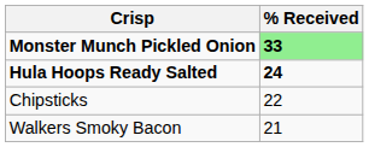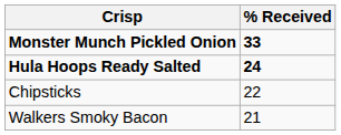 <table class="wikitable">
 <tr>
 <th>Crisp</th>
 <th>% Received</th>
 </tr>
 <tr>
 <td><strong>Monster Munch Pickled Onion</strong></td>
-<td style="background: lightgreen;"><strong>33</strong></td>
+<td><strong>33</strong></td>
 </tr>
 <tr>
 <td><strong>Hula Hoops Ready Salted</strong></td>
 <td><strong>24</strong></td>
 </tr>
 <tr>
 <td>Chipsticks</td>
 <td>22</td>
 </tr>
 <tr>
 <td>Walkers Smoky Bacon</td>
 <td>21</td>
 </tr>
 </table>
